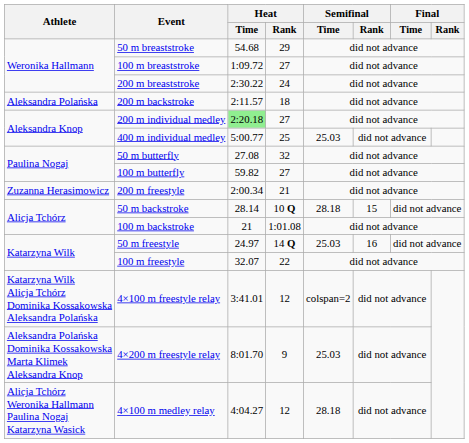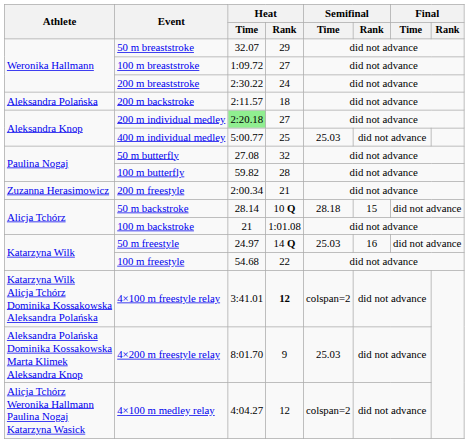 <table class="wikitable" style="text-align:center; font-size:90%">
 <tr>
 <th rowspan="2">Athlete</th>
 <th rowspan="2">Event</th>
 <th colspan="2">Heat</th>
 <th colspan="2">Semifinal</th>
 <th colspan="2">Final</th>
 </tr>
 <tr style="font-size:95%">
 <th>Time</th>
 <th>Rank</th>
 <th>Time</th>
 <th>Rank</th>
 <th>Time</th>
 <th>Rank</th>
 </tr>
 <tr>
 <td align=left rowspan=3><a href='#'>Weronika Hallmann</a></td>
 <td align=left><a href='#'>50 m breaststroke</a></td>
-<td>54.68</td>
+<td>32.07</td>
 <td>29</td>
 <td colspan=4>did not advance</td>
 </tr>
 <tr>
 <td align=left><a href='#'>100 m breaststroke</a></td>
 <td>1:09.72</td>
 <td>27</td>
 <td colspan=4>did not advance</td>
 </tr>
 <tr>
 <td align=left><a href='#'>200 m breaststroke</a></td>
 <td>2:30.22</td>
 <td>24</td>
 <td colspan=4>did not advance</td>
 </tr>
 <tr>
 <td align=left><a href='#'>Aleksandra Polańska</a></td>
 <td align=left><a href='#'>200 m backstroke</a></td>
 <td>2:11.57</td>
 <td>18</td>
 <td colspan=4>did not advance</td>
 </tr>
 <tr>
 <td align=left rowspan=2><a href='#'>Aleksandra Knop</a></td>
 <td align=left><a href='#'>200 m individual medley</a></td>
 <td style="background: lightgreen;">2:20.18</td>
 <td>27</td>
 <td colspan=4>did not advance</td>
 </tr>
 <tr>
 <td align=left><a href='#'>400 m individual medley</a></td>
 <td>5:00.77</td>
 <td>25</td>
 <td>25.03</td>
 <td colspan=2>did not advance</td>
 </tr>
 <tr>
 <td align=left rowspan=2><a href='#'>Paulina Nogaj</a></td>
 <td align=left><a href='#'>50 m butterfly</a></td>
 <td>27.08</td>
 <td>32</td>
 <td colspan=4>did not advance</td>
 </tr>
 <tr>
 <td align=left><a href='#'>100 m butterfly</a></td>
 <td>59.82</td>
-<td>27</td>
+<td>28</td>
 <td colspan=4>did not advance</td>
 </tr>
 <tr>
 <td align=left><a href='#'>Zuzanna Herasimowicz</a></td>
 <td align=left><a href='#'>200 m freestyle</a></td>
 <td>2:00.34</td>
 <td>21</td>
 <td colspan=4>did not advance</td>
 </tr>
 <tr>
 <td align=left rowspan=2><a href='#'>Alicja Tchórz</a></td>
 <td align=left><a href='#'>50 m backstroke</a></td>
 <td>28.14</td>
 <td>10 <strong>Q</strong></td>
 <td>28.18</td>
 <td>15</td>
 <td colspan=2>did not advance</td>
 </tr>
 <tr>
 <td align=left><a href='#'>100 m backstroke</a></td>
 <td>21</td>
 <td>1:01.08</td>
 <td colspan=4>did not advance</td>
 </tr>
 <tr>
 <td align=left rowspan=2><a href='#'>Katarzyna Wilk</a></td>
 <td align=left><a href='#'>50 m freestyle</a></td>
 <td>24.97</td>
 <td>14 <strong>Q</strong></td>
 <td>25.03</td>
 <td>16</td>
 <td colspan=2>did not advance</td>
 </tr>
 <tr>
 <td align=left><a href='#'>100 m freestyle</a></td>
-<td>32.07</td>
+<td>54.68</td>
 <td>22</td>
 <td colspan=4>did not advance</td>
 </tr>
 <tr>
 <td align=left><a href='#'>Katarzyna Wilk</a><br><a href='#'>Alicja Tchórz</a><br><a href='#'>Dominika Kossakowska</a><br><a href='#'>Aleksandra Polańska</a></td>
 <td align=left><a href='#'>4×100 m freestyle relay</a></td>
 <td>3:41.01</td>
-<td>12</td>
+<td><strong>12</strong></td>
 <td>colspan=2 </td>
 <td colspan=2>did not advance</td>
 </tr>
 <tr>
 <td align=left><a href='#'>Aleksandra Polańska</a><br><a href='#'>Dominika Kossakowska</a><br><a href='#'>Marta Klimek</a><br><a href='#'>Aleksandra Knop</a></td>
 <td align=left><a href='#'>4×200 m freestyle relay</a></td>
 <td>8:01.70</td>
 <td>9</td>
 <td>25.03</td>
 <td colspan=2>did not advance</td>
 </tr>
 <tr>
 <td align=left><a href='#'>Alicja Tchórz</a><br><a href='#'>Weronika Hallmann</a><br><a href='#'>Paulina Nogaj</a><br><a href='#'>Katarzyna Wasick</a></td>
 <td align=left><a href='#'>4×100 m medley relay</a></td>
 <td>4:04.27</td>
 <td>12</td>
-<td>28.18</td>
+<td>colspan=2 </td>
 <td colspan=2>did not advance</td>
 </tr>
 </table>
